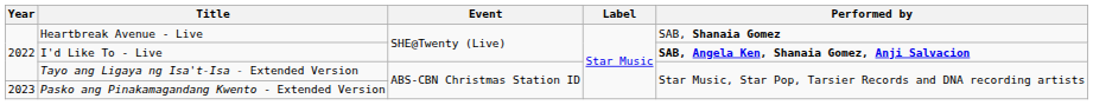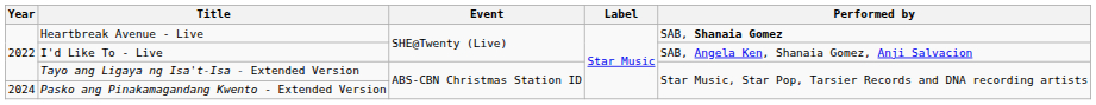 <table class="wikitable" style="font-size:90%">
 <tr>
 <th>Year</th>
 <th>Title</th>
 <th>Event</th>
 <th>Label</th>
 <th>Performed by</th>
 </tr>
 <tr>
 <td rowspan="3">2022</td>
 <td>Heartbreak Avenue - Live</td>
 <td rowspan="2">SHE@Twenty (Live)</td>
 <td rowspan="4"><a href='#'>Star Music</a></td>
 <td>SAB, <strong>Shanaia Gomez</strong></td>
 </tr>
 <tr>
 <td>I'd Like To - Live</td>
-<td><strong>SAB, <a href='#'>Angela Ken</a>, Shanaia Gomez, <a href='#'>Anji Salvacion</a></strong></td>
+<td>SAB, <a href='#'>Angela Ken</a>, Shanaia Gomez, <a href='#'>Anji Salvacion</a></td>
 </tr>
 <tr>
 <td><em>Tayo ang Ligaya ng Isa't-Isa -</em> Extended Version</td>
 <td rowspan="2">ABS-CBN Christmas Station ID</td>
 <td rowspan="2">Star Music, Star Pop, Tarsier Records and DNA recording artists</td>
 </tr>
 <tr>
-<td>2023</td>
+<td>2024</td>
 <td><em>Pasko ang Pinakamagandang Kwento</em> - Extended Version</td>
 </tr>
 </table>
